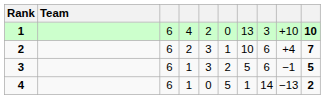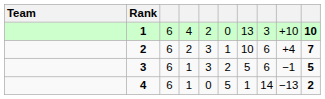 <table class="wikitable" style="text-align: center;">
 <tr>
+<th width=165 style="text-align:left;">Team</th>
 <th width=30>Rank</th>
-<th width=165 style="text-align:left;">Team</th>
 <th width=20></th>
 <th width=20></th>
 <th width=20></th>
 <th width=20></th>
 <th width=20></th>
 <th width=20></th>
 <th width=20></th>
 <th width=20></th>
 </tr>
 <tr style="background:#ccffcc;">
+<td style="text-align:left;"></td>
 <td><strong>1</strong></td>
-<td style="text-align:left;"></td>
 <td>6</td>
 <td>4</td>
 <td>2</td>
 <td>0</td>
 <td>13</td>
 <td>3</td>
 <td>+10</td>
 <td><strong>10</strong></td>
 </tr>
 <tr>
+<td style="text-align:left;"></td>
 <td><strong>2</strong></td>
-<td style="text-align:left;"></td>
 <td>6</td>
 <td>2</td>
 <td>3</td>
 <td>1</td>
 <td>10</td>
 <td>6</td>
 <td>+4</td>
 <td><strong>7</strong></td>
 </tr>
 <tr>
+<td style="text-align:left;"></td>
 <td><strong>3</strong></td>
-<td style="text-align:left;"></td>
 <td>6</td>
 <td>1</td>
 <td>3</td>
 <td>2</td>
 <td>5</td>
 <td>6</td>
 <td>−1</td>
 <td><strong>5</strong></td>
 </tr>
 <tr>
+<td style="text-align:left;"></td>
 <td><strong>4</strong></td>
-<td style="text-align:left;"></td>
 <td>6</td>
 <td>1</td>
 <td>0</td>
 <td>5</td>
 <td>1</td>
 <td>14</td>
 <td>−13</td>
 <td><strong>2</strong></td>
 </tr>
 </table>
